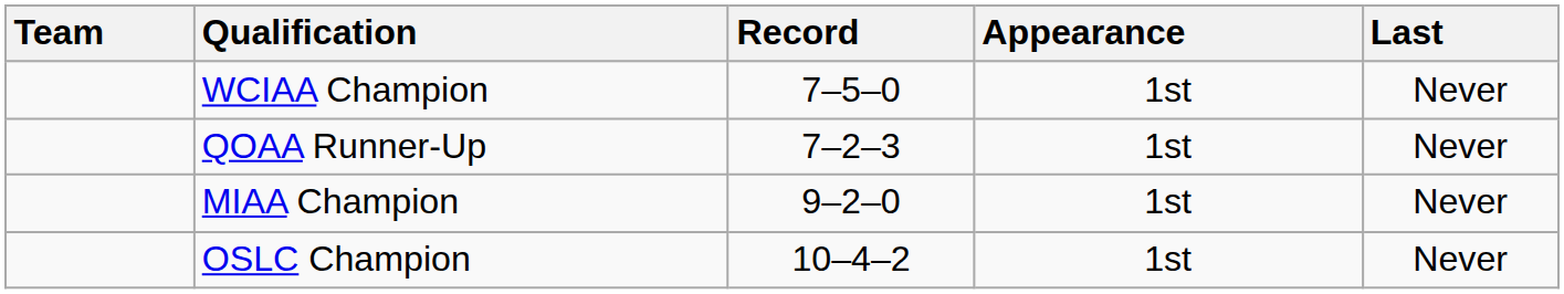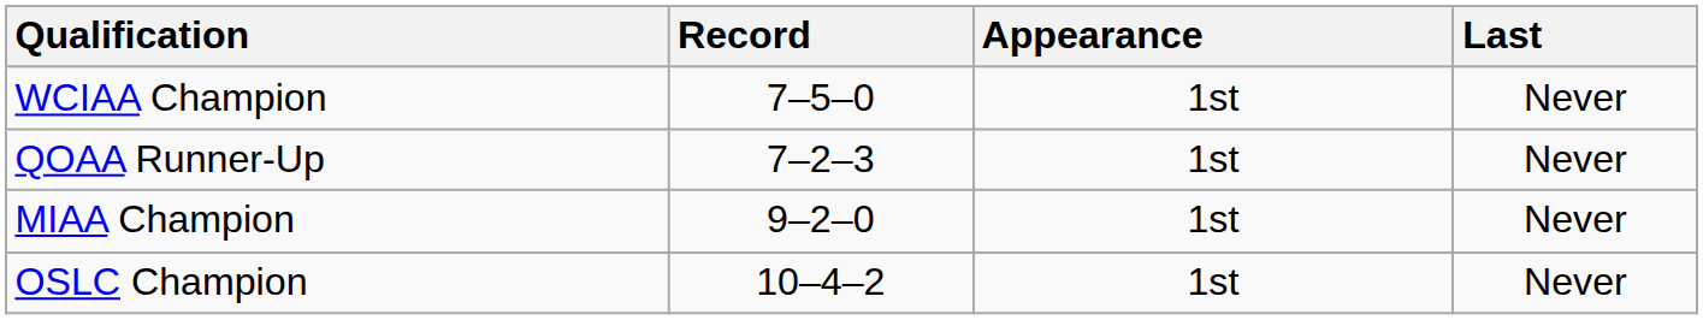 <table class="wikitable sortable" style="text-align: center;" width=700>
 <tr style="background:#efefef; text-align:center">
-<th style="text-align:left">Team</th>
 <th style="text-align:left">Qualification</th>
 <th style="text-align:left">Record</th>
 <th style="text-align:left">Appearance</th>
 <th style="text-align:left">Last</th>
 </tr>
 <tr style="text-align:center">
-<td style="text-align:left; "><a href='#'></a></td>
 <td style="text-align:left"><a href='#'>WCIAA</a> Champion</td>
 <td style="text-align:center">7–5–0</td>
 <td style="text-align:center">1st</td>
 <td style="text-align:center">Never</td>
 </tr>
 <tr style="text-align:center">
-<td style="text-align:left; "><a href='#'></a></td>
 <td style="text-align:left"><a href='#'>QOAA</a> Runner-Up</td>
 <td style="text-align:center">7–2–3</td>
 <td style="text-align:center">1st</td>
 <td style="text-align:center">Never</td>
 </tr>
 <tr style="text-align:center">
-<td style="text-align:left; "><a href='#'></a></td>
 <td style="text-align:left"><a href='#'>MIAA</a> Champion</td>
 <td style="text-align:center">9–2–0</td>
 <td style="text-align:center">1st</td>
 <td style="text-align:center">Never</td>
 </tr>
 <tr style="text-align:center">
-<td style="text-align:left; "><a href='#'></a></td>
 <td style="text-align:left"><a href='#'>OSLC</a> Champion</td>
 <td style="text-align:center">10–4–2</td>
 <td style="text-align:center">1st</td>
 <td style="text-align:center">Never</td>
 </tr>
 </table>
